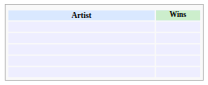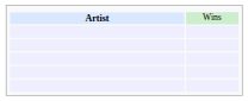 <table class="infobox" style="width: 25em; text-align: center; font-size: 70%; vertical-align: middle;">
 <tr>
 <td colspan="3" style="text-align:center;"></td>
 </tr>
 <tr style="background:#d9e8ff; text-align:center;">
 <th style="vertical-align: middle;">Artist</th>
-<td style="background:#cec; font-size:8pt; width:60px;"><strong>Wins</strong></td>
+<td style="background:#cec; font-size:8pt; width:60px;">Wins</td>
 </tr>
 <tr style="background:#eef;">
 <td style="text-align:center;"><br></td>
 <td></td>
 </tr>
 <tr style="background:#eef;">
 <td style="text-align:center;"><br></td>
 <td></td>
 </tr>
 <tr style="background:#eef;">
 <td style="text-align:center;"><br></td>
 <td></td>
 </tr>
 <tr style="background:#eef;">
 <td style="text-align:center;"><br></td>
 <td></td>
 </tr>
 <tr style="background:#eef;">
 <td style="text-align:center;"><br></td>
 <td></td>
 </tr>
 </table>
